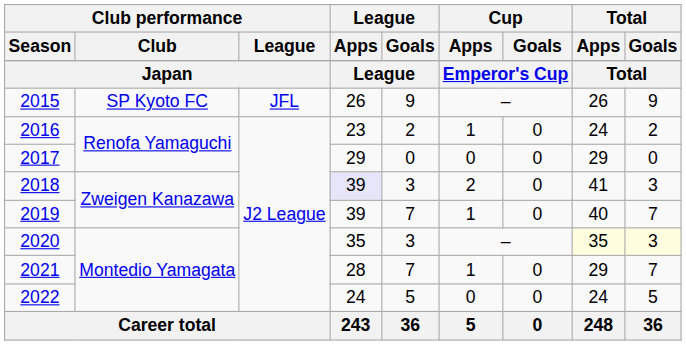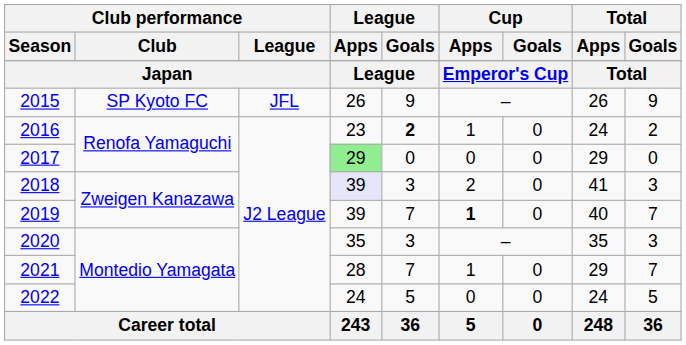 <table class="wikitable" style="text-align:center">
 <tr>
 <th colspan=3>Club performance</th>
 <th colspan=2>League</th>
 <th colspan=2>Cup</th>
 <th colspan=2>Total</th>
 </tr>
 <tr>
 <th>Season</th>
 <th>Club</th>
 <th>League</th>
 <th>Apps</th>
 <th>Goals</th>
 <th>Apps</th>
 <th>Goals</th>
 <th>Apps</th>
 <th>Goals</th>
 </tr>
 <tr>
 </tr>
 <tr>
 <th colspan=3>Japan</th>
 <th colspan=2>League</th>
 <th colspan=2><a href='#'>Emperor's Cup</a></th>
 <th colspan=2>Total</th>
 </tr>
 <tr>
 <td><a href='#'>2015</a></td>
 <td><a href='#'>SP Kyoto FC</a></td>
 <td><a href='#'>JFL</a></td>
 <td>26</td>
 <td>9</td>
 <td colspan="2">–</td>
 <td>26</td>
 <td>9</td>
 </tr>
 <tr>
 <td><a href='#'>2016</a></td>
 <td rowspan="2"><a href='#'>Renofa Yamaguchi</a></td>
 <td rowspan="7"><a href='#'>J2 League</a></td>
 <td>23</td>
-<td>2</td>
+<td><strong>2</strong></td>
 <td>1</td>
 <td>0</td>
 <td>24</td>
 <td>2</td>
 </tr>
 <tr>
 <td><a href='#'>2017</a></td>
-<td>29</td>
+<td style="background: lightgreen;">29</td>
 <td>0</td>
 <td>0</td>
 <td>0</td>
 <td>29</td>
 <td>0</td>
 </tr>
 <tr>
 <td><a href='#'>2018</a></td>
 <td rowspan="2"><a href='#'>Zweigen Kanazawa</a></td>
 <td style="background: lavender;">39</td>
 <td>3</td>
 <td>2</td>
 <td>0</td>
 <td>41</td>
 <td>3</td>
 </tr>
 <tr>
 <td><a href='#'>2019</a></td>
 <td>39</td>
 <td>7</td>
-<td>1</td>
+<td><strong>1</strong></td>
 <td>0</td>
 <td>40</td>
 <td>7</td>
 </tr>
 <tr>
 <td><a href='#'>2020</a></td>
 <td rowspan="3"><a href='#'>Montedio Yamagata</a></td>
 <td>35</td>
 <td>3</td>
 <td colspan="2">–</td>
-<td style="background: lightyellow;">35</td>
-<td style="background: lightyellow;">3</td>
+<td>35</td>
+<td>3</td>
 </tr>
 <tr>
 <td><a href='#'>2021</a></td>
 <td>28</td>
 <td>7</td>
 <td>1</td>
 <td>0</td>
 <td>29</td>
 <td>7</td>
 </tr>
 <tr>
 <td><a href='#'>2022</a></td>
 <td>24</td>
 <td>5</td>
 <td>0</td>
 <td>0</td>
 <td>24</td>
 <td>5</td>
 </tr>
 <tr>
 <th colspan="3">Career total</th>
 <th>243</th>
 <th>36</th>
 <th>5</th>
 <th>0</th>
 <th>248</th>
 <th>36</th>
 </tr>
 </table>
